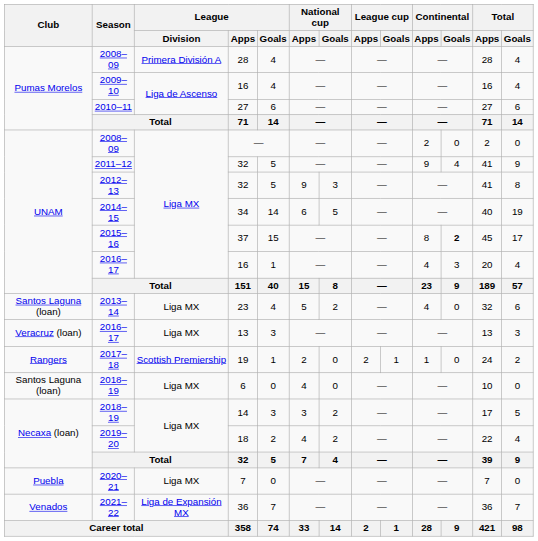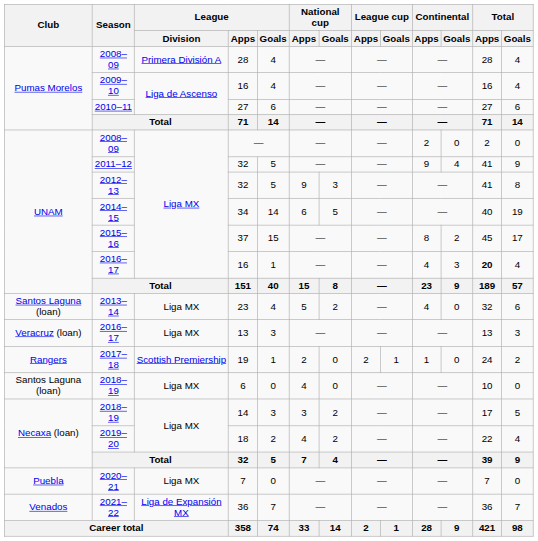 <table class="wikitable" style="text-align:center">
 <tr>
 <th rowspan="2">Club</th>
 <th rowspan="2">Season</th>
 <th colspan="3">League</th>
 <th colspan="2">National cup</th>
 <th colspan="2">League cup</th>
 <th colspan="2">Continental</th>
 <th colspan="2">Total</th>
 </tr>
 <tr>
 <th>Division</th>
 <th>Apps</th>
 <th>Goals</th>
 <th>Apps</th>
 <th>Goals</th>
 <th>Apps</th>
 <th>Goals</th>
 <th>Apps</th>
 <th>Goals</th>
 <th>Apps</th>
 <th>Goals</th>
 </tr>
 <tr>
 <td rowspan="4"><a href='#'>Pumas Morelos</a></td>
 <td><a href='#'>2008–09</a></td>
 <td><a href='#'>Primera División A</a></td>
 <td>28</td>
 <td>4</td>
 <td colspan="2">—</td>
 <td colspan="2">—</td>
 <td colspan="2">—</td>
 <td>28</td>
 <td>4</td>
 </tr>
 <tr>
 <td><a href='#'>2009–10</a></td>
 <td rowspan="2"><a href='#'>Liga de Ascenso</a></td>
 <td>16</td>
 <td>4</td>
 <td colspan="2">—</td>
 <td colspan="2">—</td>
 <td colspan="2">—</td>
 <td>16</td>
 <td>4</td>
 </tr>
 <tr>
 <td><a href='#'>2010–11</a></td>
 <td>27</td>
 <td>6</td>
 <td colspan="2">—</td>
 <td colspan="2">—</td>
 <td colspan="2">—</td>
 <td>27</td>
 <td>6</td>
 </tr>
 <tr>
 <th colspan="2">Total</th>
 <th>71</th>
 <th>14</th>
 <th colspan="2">—</th>
 <th colspan="2">—</th>
 <th colspan="2">—</th>
 <th>71</th>
 <th>14</th>
 </tr>
 <tr>
 <td rowspan="7"><a href='#'>UNAM</a></td>
 <td><a href='#'>2008–09</a></td>
 <td rowspan="6"><a href='#'>Liga MX</a></td>
 <td colspan="2">—</td>
 <td colspan="2">—</td>
 <td colspan="2">—</td>
 <td>2</td>
 <td>0</td>
 <td>2</td>
 <td>0</td>
 </tr>
 <tr>
 <td><a href='#'>2011–12</a></td>
 <td>32</td>
 <td>5</td>
 <td colspan="2">—</td>
 <td colspan="2">—</td>
 <td>9</td>
 <td>4</td>
 <td>41</td>
 <td>9</td>
 </tr>
 <tr>
 <td><a href='#'>2012–13</a></td>
 <td>32</td>
 <td>5</td>
 <td>9</td>
 <td>3</td>
 <td colspan="2">—</td>
 <td colspan="2">—</td>
 <td>41</td>
 <td>8</td>
 </tr>
 <tr>
 <td><a href='#'>2014–15</a></td>
 <td>34</td>
 <td>14</td>
 <td>6</td>
 <td>5</td>
 <td colspan="2">—</td>
 <td colspan="2">—</td>
 <td>40</td>
 <td>19</td>
 </tr>
 <tr>
 <td><a href='#'>2015–16</a></td>
 <td>37</td>
 <td>15</td>
 <td colspan="2">—</td>
 <td colspan="2">—</td>
 <td>8</td>
-<td><strong>2</strong></td>
+<td>2</td>
 <td>45</td>
 <td>17</td>
 </tr>
 <tr>
 <td><a href='#'>2016–17</a></td>
 <td>16</td>
 <td>1</td>
 <td colspan="2">—</td>
 <td colspan="2">—</td>
 <td>4</td>
 <td>3</td>
-<td>20</td>
+<td><strong>20</strong></td>
 <td>4</td>
 </tr>
 <tr>
 <th colspan="2">Total</th>
 <th>151</th>
 <th>40</th>
 <th>15</th>
 <th>8</th>
 <th colspan="2">—</th>
 <th>23</th>
 <th>9</th>
 <th>189</th>
 <th>57</th>
 </tr>
 <tr>
 <td><a href='#'>Santos Laguna</a> (loan)</td>
 <td><a href='#'>2013–14</a></td>
 <td>Liga MX</td>
 <td>23</td>
 <td>4</td>
 <td>5</td>
 <td>2</td>
 <td colspan="2">—</td>
 <td>4</td>
 <td>0</td>
 <td>32</td>
 <td>6</td>
 </tr>
 <tr>
 <td><a href='#'>Veracruz</a> (loan)</td>
 <td><a href='#'>2016–17</a></td>
 <td>Liga MX</td>
 <td>13</td>
 <td>3</td>
 <td colspan="2">—</td>
 <td colspan="2">—</td>
 <td colspan="2">—</td>
 <td>13</td>
 <td>3</td>
 </tr>
 <tr>
 <td><a href='#'>Rangers</a></td>
 <td><a href='#'>2017–18</a></td>
 <td><a href='#'>Scottish Premiership</a></td>
 <td>19</td>
 <td>1</td>
 <td>2</td>
 <td>0</td>
 <td>2</td>
 <td>1</td>
 <td>1</td>
 <td>0</td>
 <td>24</td>
 <td>2</td>
 </tr>
 <tr>
 <td>Santos Laguna (loan)</td>
 <td><a href='#'>2018–19</a></td>
 <td>Liga MX</td>
 <td>6</td>
 <td>0</td>
 <td>4</td>
 <td>0</td>
 <td colspan="2">—</td>
 <td colspan=2>—</td>
 <td>10</td>
 <td>0</td>
 </tr>
 <tr>
 <td rowspan="3"><a href='#'>Necaxa</a> (loan)</td>
 <td><a href='#'>2018–19</a></td>
 <td rowspan="2">Liga MX</td>
 <td>14</td>
 <td>3</td>
 <td>3</td>
 <td>2</td>
 <td colspan="2">—</td>
 <td colspan=2>—</td>
 <td>17</td>
 <td>5</td>
 </tr>
 <tr>
 <td><a href='#'>2019–20</a></td>
 <td>18</td>
 <td>2</td>
 <td>4</td>
 <td>2</td>
 <td colspan="2">—</td>
 <td colspan="2">—</td>
 <td>22</td>
 <td>4</td>
 </tr>
 <tr>
 <th colspan="2">Total</th>
 <th>32</th>
 <th>5</th>
 <th>7</th>
 <th>4</th>
 <th colspan="2">—</th>
 <th colspan="2">—</th>
 <th>39</th>
 <th>9</th>
 </tr>
 <tr>
 <td><a href='#'>Puebla</a></td>
 <td><a href='#'>2020–21</a></td>
 <td>Liga MX</td>
 <td>7</td>
 <td>0</td>
 <td colspan="2">—</td>
 <td colspan="2">—</td>
 <td colspan="2">—</td>
 <td>7</td>
 <td>0</td>
 </tr>
 <tr>
 <td><a href='#'>Venados</a></td>
 <td><a href='#'>2021–22</a></td>
 <td><a href='#'>Liga de Expansión MX</a></td>
 <td>36</td>
 <td>7</td>
 <td colspan="2">—</td>
 <td colspan="2">—</td>
 <td colspan="2">—</td>
 <td>36</td>
 <td>7</td>
 </tr>
 <tr>
 <th colspan="3">Career total</th>
 <th>358</th>
 <th>74</th>
 <th>33</th>
 <th>14</th>
 <th>2</th>
 <th>1</th>
 <th>28</th>
 <th>9</th>
 <th>421</th>
 <th>98</th>
 </tr>
 </table>
